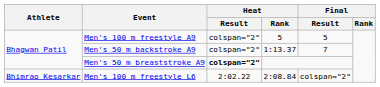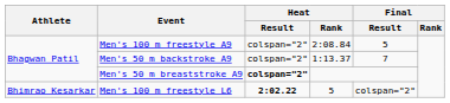 <table class=wikitable style="font-size:90%">
 <tr>
 <th rowspan="2">Athlete</th>
 <th rowspan="2">Event</th>
 <th colspan="2">Heat</th>
 <th colspan="2">Final</th>
 </tr>
 <tr>
 <th>Result</th>
 <th>Rank</th>
 <th>Result</th>
 <th>Rank</th>
 </tr>
 <tr>
 <td rowspan="3"><a href='#'>Bhagwan Patil</a></td>
 <td><a href='#'>Men's 100 m freestyle A9</a></td>
 <td>colspan="2" </td>
-<td style="text-align:center;">5</td>
+<td style="text-align:center;">2:08.84</td>
 <td style="text-align:center;">5</td>
 </tr>
 <tr>
 <td><a href='#'>Men's 50 m backstroke A9</a></td>
 <td>colspan="2" </td>
 <td style="text-align:center;">1:13.37</td>
 <td style="text-align:center;">7</td>
 </tr>
 <tr>
 <td><a href='#'>Men's 50 m breaststroke A9</a></td>
 <td><strong>colspan="2" </strong></td>
 <td style="text-align:center;" colspan="2"></td>
 </tr>
 <tr>
 <td><a href='#'>Bhimrao Kesarkar</a></td>
 <td><a href='#'>Men's 100 m freestyle L6</a></td>
-<td style="text-align:center;">2:02.22</td>
-<td style="text-align:center;">2:08.84</td>
+<td style="text-align:center;"><strong>2:02.22</strong></td>
+<td style="text-align:center;">5</td>
 <td>colspan="2" </td>
 </tr>
 </table>
